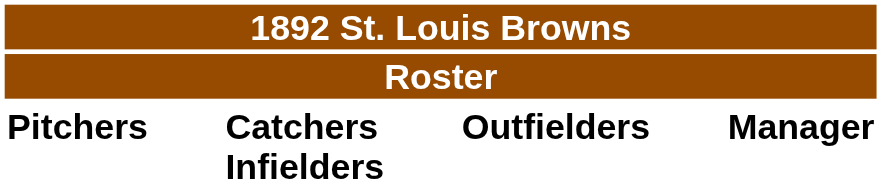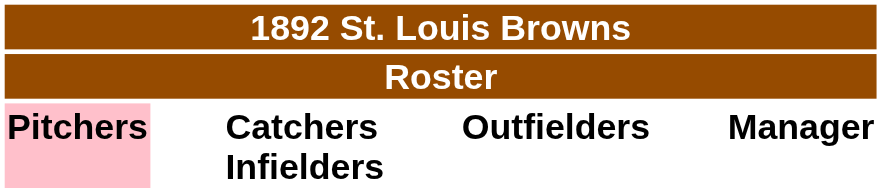 <table class="toccolours" style="font-size: 95%;">
 <tr>
 <th colspan="10" style="background-color: #964B00; color: white; text-align: center;">1892 St. Louis Browns</th>
 </tr>
 <tr>
 <td colspan="10" style="background-color: #964B00; color: white; text-align: center;"><strong>Roster</strong></td>
 </tr>
 <tr>
-<td valign="top"><strong>Pitchers</strong><br>        </td>
+<td valign="top" style="background: pink;"><strong>Pitchers</strong><br>        </td>
 <td width="25px"></td>
 <td valign="top"><strong>Catchers</strong><br>     <strong>Infielders</strong>            </td>
 <td width="25px"></td>
 <td valign="top"><strong>Outfielders</strong><br>          </td>
 <td width="25px"></td>
 <td valign="top"><strong>Manager</strong><br>    </td>
 </tr>
 </table>
